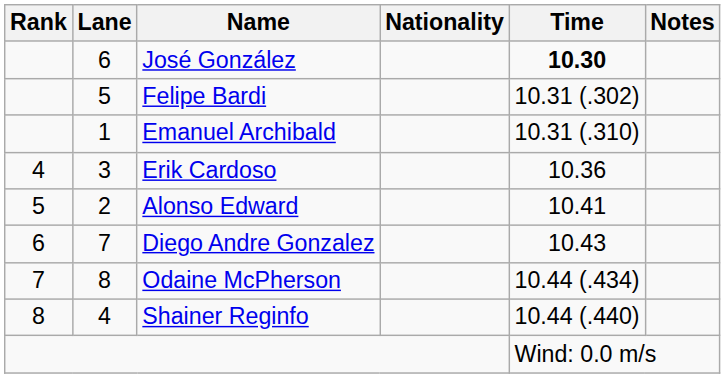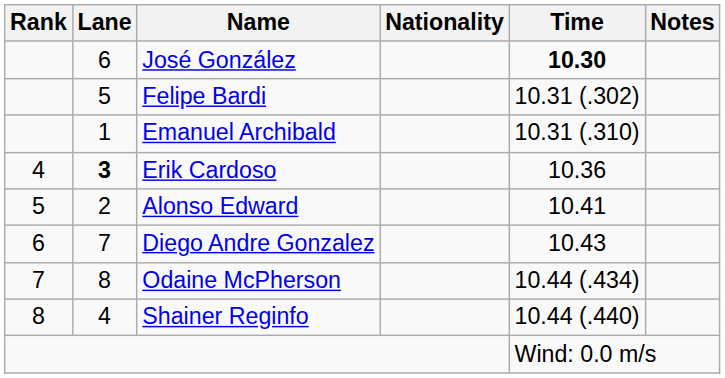 <table class="wikitable sortable" style="text-align:center">
 <tr>
 <th>Rank</th>
 <th>Lane</th>
 <th>Name</th>
 <th>Nationality</th>
 <th>Time</th>
 <th>Notes</th>
 </tr>
 <tr>
 <td></td>
 <td>6</td>
 <td align=left><a href='#'>José González</a></td>
 <td align=left></td>
 <td><strong>10.30</strong></td>
 <td></td>
 </tr>
 <tr>
 <td></td>
 <td>5</td>
 <td align=left><a href='#'>Felipe Bardi</a></td>
 <td align=left></td>
 <td>10.31 (.302)</td>
 <td></td>
 </tr>
 <tr>
 <td></td>
 <td>1</td>
 <td align=left><a href='#'>Emanuel Archibald</a></td>
 <td align=left></td>
 <td>10.31 (.310)</td>
 <td></td>
 </tr>
 <tr>
 <td>4</td>
-<td>3</td>
+<td><strong>3</strong></td>
 <td align=left><a href='#'>Erik Cardoso</a></td>
 <td align=left></td>
 <td>10.36</td>
 <td></td>
 </tr>
 <tr>
 <td>5</td>
 <td>2</td>
 <td align=left><a href='#'>Alonso Edward</a></td>
 <td align=left></td>
 <td>10.41</td>
 <td></td>
 </tr>
 <tr>
 <td>6</td>
 <td>7</td>
 <td align=left><a href='#'>Diego Andre Gonzalez</a></td>
 <td align=left></td>
 <td>10.43</td>
 <td></td>
 </tr>
 <tr>
 <td>7</td>
 <td>8</td>
 <td align=left><a href='#'>Odaine McPherson</a></td>
 <td align=left></td>
 <td>10.44 (.434)</td>
 <td></td>
 </tr>
 <tr>
 <td>8</td>
 <td>4</td>
 <td align=left><a href='#'>Shainer Reginfo</a></td>
 <td align=left></td>
 <td>10.44 (.440)</td>
 <td></td>
 </tr>
 <tr class="sortbottom">
 <td colspan="4"></td>
 <td colspan="2" style="text-align:left;">Wind: 0.0 m/s</td>
 </tr>
 </table>
